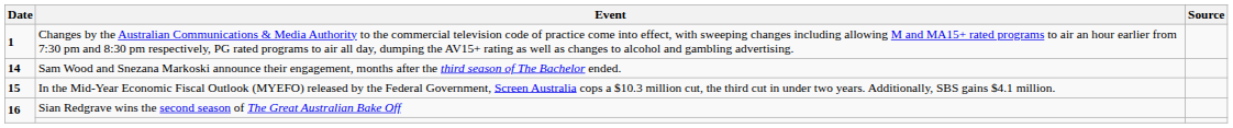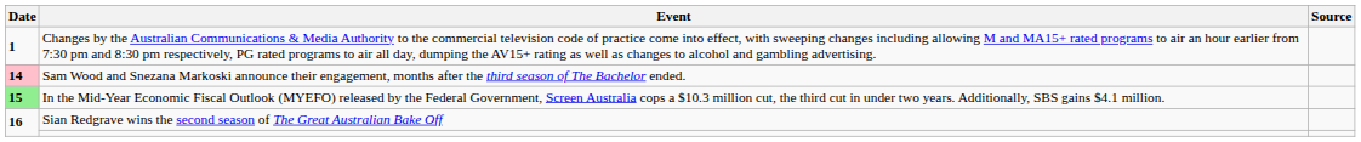 <table class="wikitable">
 <tr>
 <th>Date</th>
 <th>Event</th>
 <th>Source</th>
 </tr>
 <tr>
 <td><strong>1</strong></td>
 <td>Changes by the <a href='#'>Australian Communications & Media Authority</a> to the commercial television code of practice come into effect, with sweeping changes including allowing <a href='#'>M and MA15+ rated programs</a> to air an hour earlier from 7:30 pm and 8:30 pm respectively, PG rated programs to air all day, dumping the AV15+ rating as well as changes to alcohol and gambling advertising.</td>
 <td></td>
 </tr>
 <tr>
-<td><strong>14</strong></td>
+<td style="background: pink;"><strong>14</strong></td>
 <td>Sam Wood and Snezana Markoski announce their engagement, months after the <em><a href='#'>third season of The Bachelor</a></em> ended.</td>
 <td></td>
 </tr>
 <tr>
-<td><strong>15</strong></td>
+<td style="background: lightgreen;"><strong>15</strong></td>
 <td>In the Mid-Year Economic Fiscal Outlook (MYEFO) released by the Federal Government, <a href='#'>Screen Australia</a> cops a $10.3 million cut, the third cut in under two years. Additionally, SBS gains $4.1 million.</td>
 <td></td>
 </tr>
 <tr>
 <td rowspan="2"><strong>16</strong></td>
 <td>Sian Redgrave wins the <a href='#'>second season</a> of <em><a href='#'>The Great Australian Bake Off</a></em></td>
 <td></td>
 </tr>
 <tr>
 <td></td>
 </tr>
 </table>
